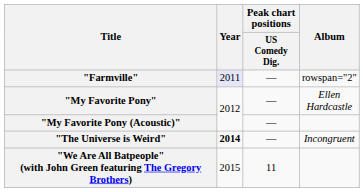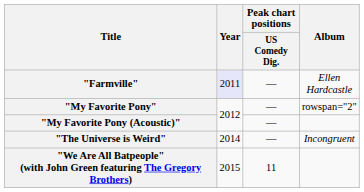 <table class="wikitable plainrowheaders" style="text-align:center;">
 <tr>
 <th rowspan="2" style="width:20em;">Title</th>
 <th rowspan="2" style="width:1em;">Year</th>
 <th colspan="1" style="width:5em;">Peak chart positions</th>
 <th rowspan="2" style="width:5em;">Album</th>
 </tr>
 <tr>
 <th scope="col" style="width:2em;font-size:90%;">US<br>Comedy<br>Dig.</th>
 </tr>
 <tr>
 <th scope="row">"Farmville"</th>
 <td style="background: lavender;">2011</td>
 <td>—</td>
-<td>rowspan="2" </td>
+<td><em>Ellen Hardcastle</em></td>
 </tr>
 <tr>
 <th scope="row">"My Favorite Pony"</th>
 <td rowspan="2">2012</td>
 <td>—</td>
-<td><em>Ellen Hardcastle</em></td>
+<td>rowspan="2" </td>
 </tr>
 <tr>
 <th scope="row">"My Favorite Pony (Acoustic)"</th>
 <td>—</td>
 </tr>
 <tr>
 <th scope="row">"The Universe is Weird"</th>
-<td><strong>2014</strong></td>
+<td>2014</td>
 <td>—</td>
 <td><em>Incongruent</em></td>
 </tr>
 <tr>
 <th scope="row">"We Are All Batpeople"<br>(with John Green featuring <a href='#'>The Gregory Brothers</a>)</th>
 <td>2015</td>
 <td>11</td>
 <td></td>
 </tr>
 </table>
